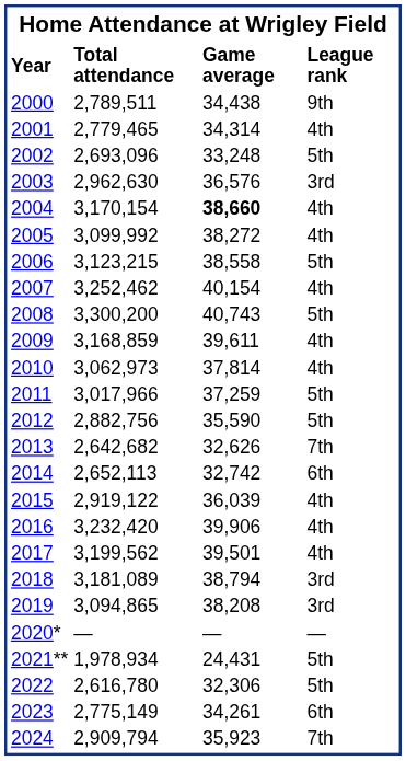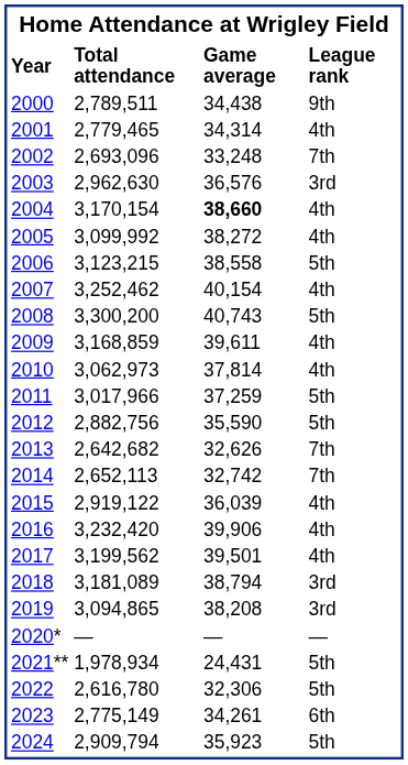 <table cellpadding="1" style="width:300px; font-size:90%; border:2px solid #0E3386;">
 <tr style="text-align:center; font-size:larger;">
 <td colspan=5><strong>Home Attendance at Wrigley Field</strong></td>
 </tr>
 <tr style=>
 <td><strong>Year</strong></td>
 <td><strong>Total attendance</strong></td>
 <td><strong>Game average</strong></td>
 <td><strong>League rank</strong></td>
 </tr>
 <tr>
 <td><a href='#'>2000</a></td>
 <td>2,789,511</td>
 <td>34,438</td>
 <td>9th</td>
 </tr>
 <tr>
 <td><a href='#'>2001</a></td>
 <td>2,779,465</td>
 <td>34,314</td>
 <td>4th</td>
 </tr>
 <tr>
 <td><a href='#'>2002</a></td>
 <td>2,693,096</td>
 <td>33,248</td>
-<td>5th</td>
+<td>7th</td>
 </tr>
 <tr>
 <td><a href='#'>2003</a></td>
 <td>2,962,630</td>
 <td>36,576</td>
 <td>3rd</td>
 </tr>
 <tr>
 <td><a href='#'>2004</a></td>
 <td>3,170,154</td>
 <td><strong>38,660</strong></td>
 <td>4th</td>
 </tr>
 <tr>
 <td><a href='#'>2005</a></td>
 <td>3,099,992</td>
 <td>38,272</td>
 <td>4th</td>
 </tr>
 <tr>
 <td><a href='#'>2006</a></td>
 <td>3,123,215</td>
 <td>38,558</td>
 <td>5th</td>
 </tr>
 <tr>
 <td><a href='#'>2007</a></td>
 <td>3,252,462</td>
 <td>40,154</td>
 <td>4th</td>
 </tr>
 <tr>
 <td><a href='#'>2008</a></td>
 <td>3,300,200</td>
 <td>40,743</td>
 <td>5th</td>
 </tr>
 <tr>
 <td><a href='#'>2009</a></td>
 <td>3,168,859</td>
 <td>39,611</td>
 <td>4th</td>
 </tr>
 <tr>
 <td><a href='#'>2010</a></td>
 <td>3,062,973</td>
 <td>37,814</td>
 <td>4th</td>
 </tr>
 <tr>
 <td><a href='#'>2011</a></td>
 <td>3,017,966</td>
 <td>37,259</td>
 <td>5th</td>
 </tr>
 <tr>
 <td><a href='#'>2012</a></td>
 <td>2,882,756</td>
 <td>35,590</td>
 <td>5th</td>
 </tr>
 <tr>
 <td><a href='#'>2013</a></td>
 <td>2,642,682</td>
 <td>32,626</td>
 <td>7th</td>
 </tr>
 <tr>
 <td><a href='#'>2014</a></td>
 <td>2,652,113</td>
 <td>32,742</td>
-<td>6th</td>
+<td>7th</td>
 </tr>
 <tr>
 <td><a href='#'>2015</a></td>
 <td>2,919,122</td>
 <td>36,039</td>
 <td>4th</td>
 </tr>
 <tr>
 <td><a href='#'>2016</a></td>
 <td>3,232,420</td>
 <td>39,906</td>
 <td>4th</td>
 </tr>
 <tr>
 <td><a href='#'>2017</a></td>
 <td>3,199,562</td>
 <td>39,501</td>
 <td>4th</td>
 </tr>
 <tr>
 <td><a href='#'>2018</a></td>
 <td>3,181,089</td>
 <td>38,794</td>
 <td>3rd</td>
 </tr>
 <tr>
 <td><a href='#'>2019</a></td>
 <td>3,094,865</td>
 <td>38,208</td>
 <td>3rd</td>
 </tr>
 <tr>
 <td><a href='#'>2020</a>*</td>
 <td>—</td>
 <td>—</td>
 <td>—</td>
 </tr>
 <tr>
 <td><a href='#'>2021</a>**</td>
 <td>1,978,934</td>
 <td>24,431</td>
 <td>5th</td>
 </tr>
 <tr>
 <td><a href='#'>2022</a></td>
 <td>2,616,780</td>
 <td>32,306</td>
 <td>5th</td>
 </tr>
 <tr>
 <td><a href='#'>2023</a></td>
 <td>2,775,149</td>
 <td>34,261</td>
 <td>6th</td>
 </tr>
 <tr>
 <td><a href='#'>2024</a></td>
 <td>2,909,794</td>
 <td>35,923</td>
-<td>7th</td>
+<td>5th</td>
 </tr>
 </table>
